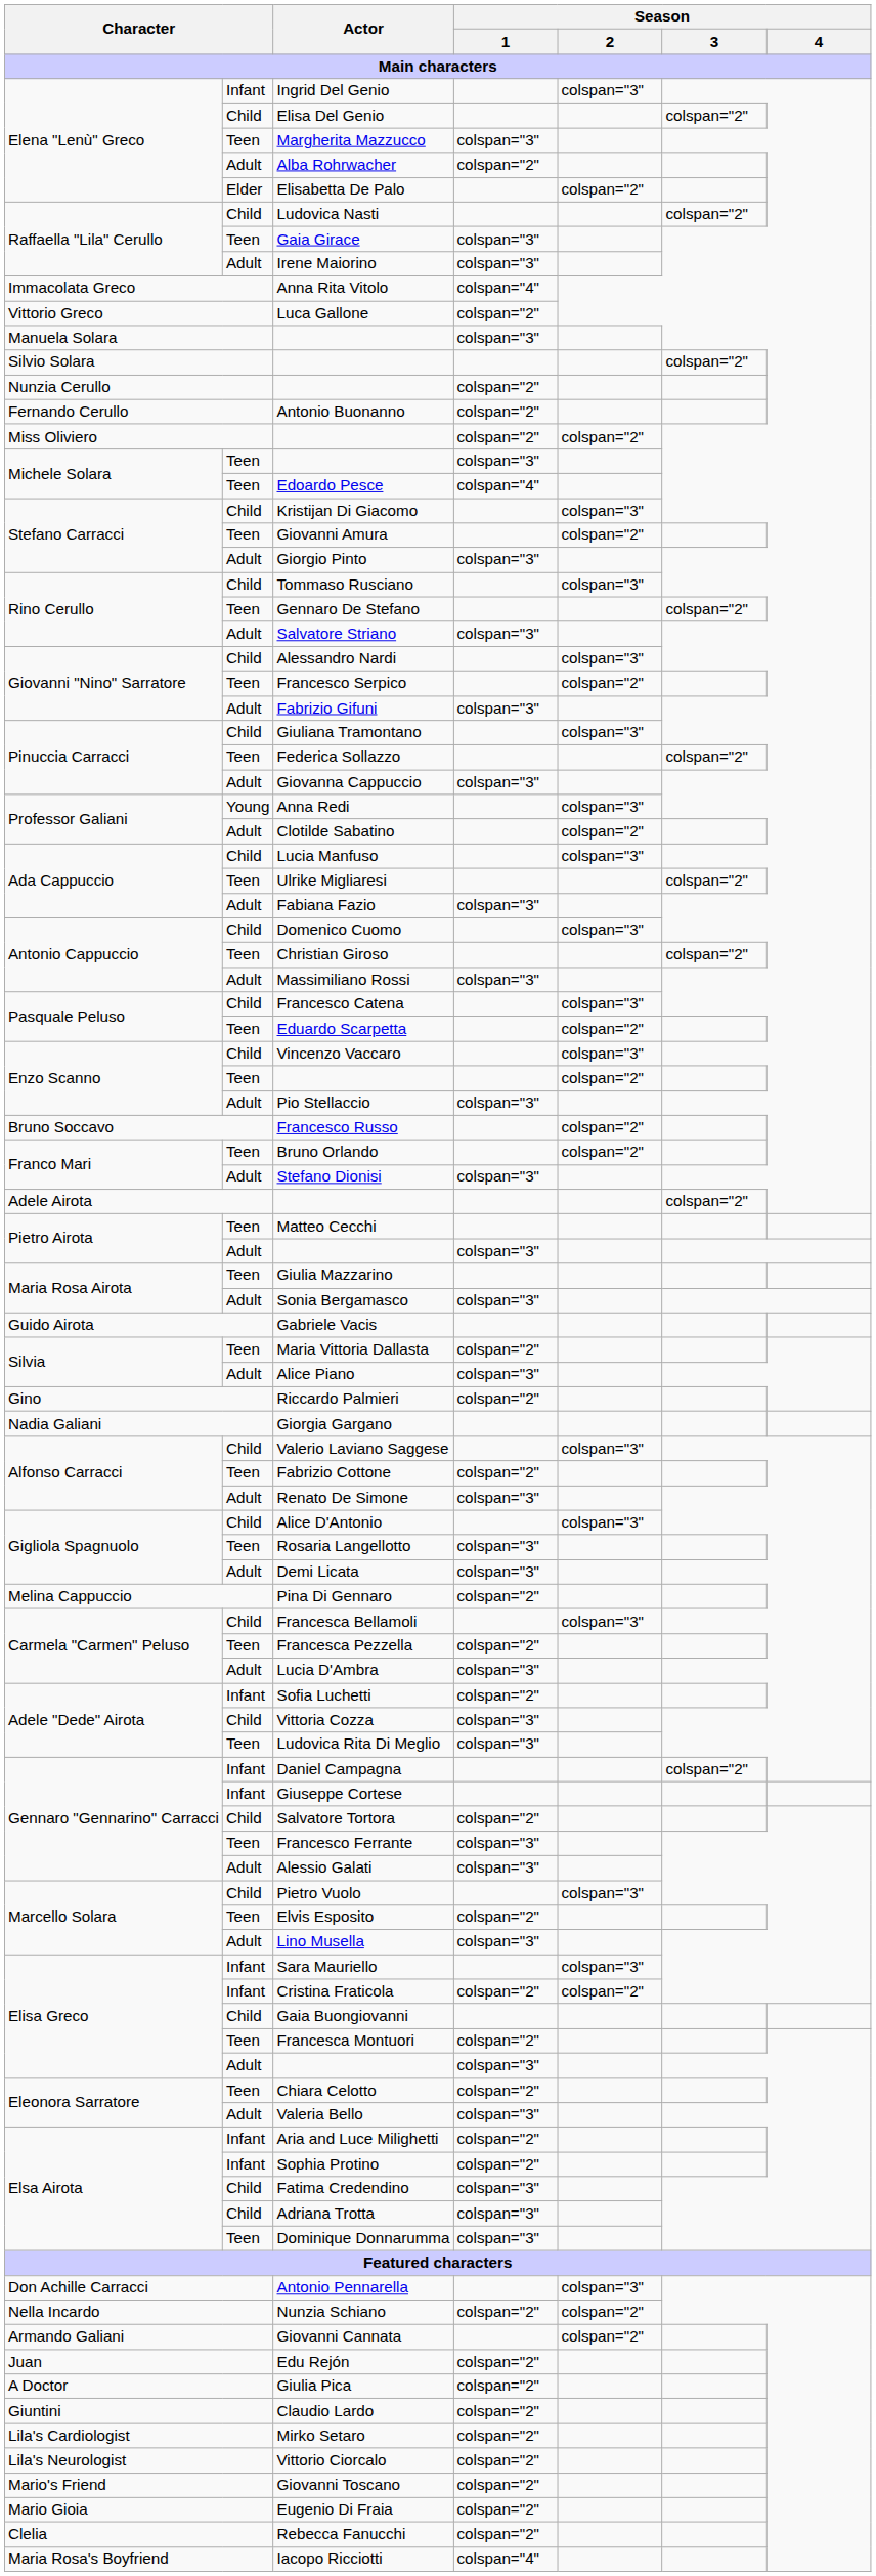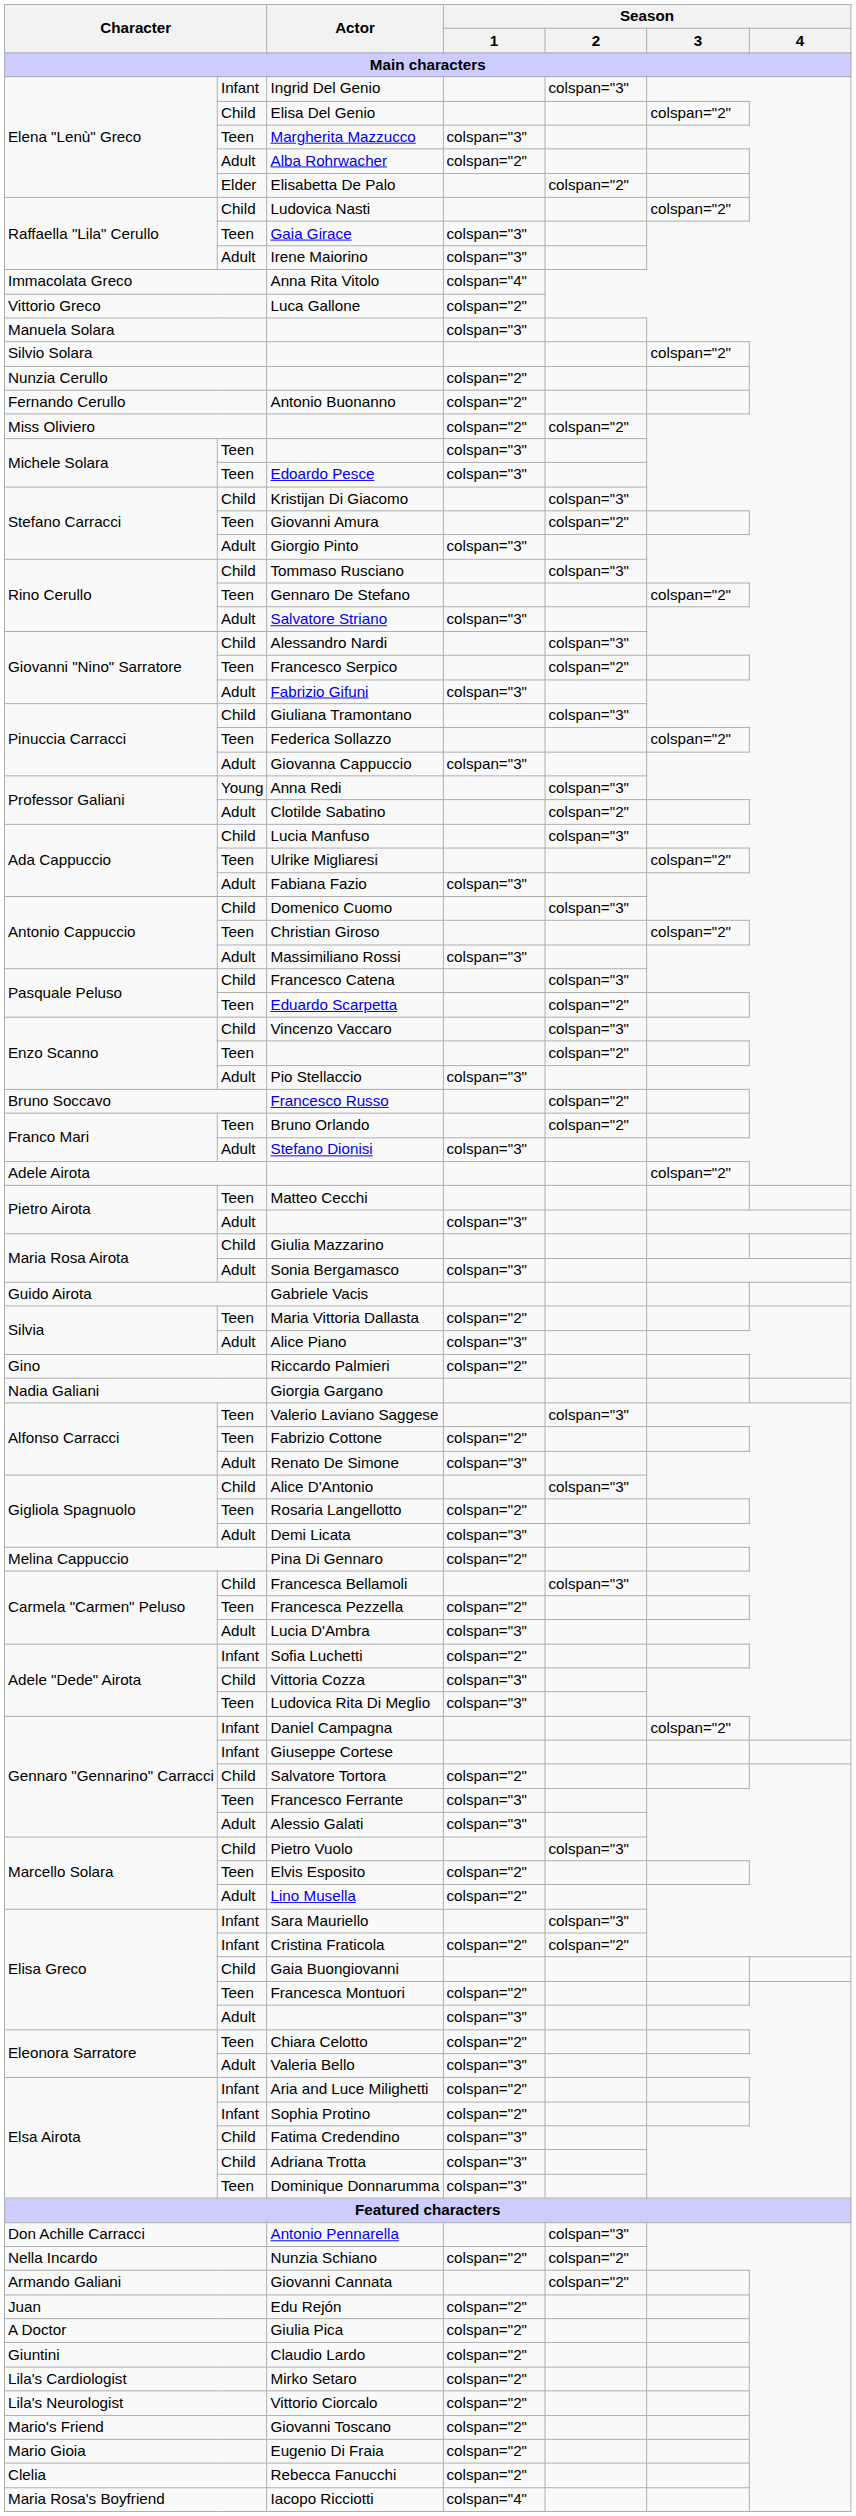 <table class="wikitable">
 <tr>
 <th rowspan="2" colspan="2" scope="col">Character</th>
 <th rowspan="2" scope="col">Actor</th>
 <th colspan="4" scope="col">Season</th>
 </tr>
 <tr>
 <th style="width:100px;">1</th>
 <th style="width:100px;">2</th>
 <th style="width:100px;">3</th>
 <th style="width:100px;">4</th>
 </tr>
 <tr>
 <th colspan="7" style="background-color:#ccccff;">Main characters</th>
 </tr>
 <tr>
 <td rowspan="5">Elena "Lenù" Greco</td>
 <td>Infant</td>
 <td>Ingrid Del Genio</td>
 <td></td>
 <td>colspan="3" </td>
 </tr>
 <tr>
 <td>Child</td>
 <td>Elisa Del Genio</td>
 <td></td>
 <td></td>
 <td>colspan="2" </td>
 </tr>
 <tr>
 <td>Teen</td>
 <td><a href='#'>Margherita Mazzucco</a></td>
 <td>colspan="3" </td>
 <td></td>
 </tr>
 <tr>
 <td>Adult</td>
 <td><a href='#'>Alba Rohrwacher</a></td>
 <td>colspan="2" </td>
 <td></td>
 <td></td>
 </tr>
 <tr>
 <td>Elder</td>
 <td>Elisabetta De Palo</td>
 <td></td>
 <td>colspan="2" </td>
 <td></td>
 </tr>
 <tr>
 <td rowspan="3">Raffaella "Lila" Cerullo</td>
 <td>Child</td>
 <td>Ludovica Nasti</td>
 <td></td>
 <td></td>
 <td>colspan="2" </td>
 </tr>
 <tr>
 <td>Teen</td>
 <td><a href='#'>Gaia Girace</a></td>
 <td>colspan="3" </td>
 <td></td>
 </tr>
 <tr>
 <td>Adult</td>
 <td>Irene Maiorino</td>
 <td>colspan="3" </td>
 <td></td>
 </tr>
 <tr>
 <td colspan="2">Immacolata Greco</td>
 <td>Anna Rita Vitolo</td>
 <td>colspan="4" </td>
 </tr>
 <tr>
 <td colspan="2">Vittorio Greco</td>
 <td>Luca Gallone</td>
 <td>colspan="2" </td>
 </tr>
 <tr>
 <td colspan="2">Manuela Solara</td>
 <td></td>
 <td>colspan="3" </td>
 <td></td>
 </tr>
 <tr>
 <td colspan="2">Silvio Solara</td>
 <td></td>
 <td></td>
 <td></td>
 <td>colspan="2" </td>
 </tr>
 <tr>
 <td colspan="2">Nunzia Cerullo</td>
 <td></td>
 <td>colspan="2" </td>
 <td></td>
 <td></td>
 </tr>
 <tr>
 <td colspan="2">Fernando Cerullo</td>
 <td>Antonio Buonanno</td>
 <td>colspan="2" </td>
 <td></td>
 <td></td>
 </tr>
 <tr>
 <td colspan="2">Miss Oliviero</td>
 <td></td>
 <td>colspan="2" </td>
 <td>colspan="2" </td>
 </tr>
 <tr>
 <td rowspan="2">Michele Solara</td>
 <td>Teen</td>
 <td></td>
 <td>colspan="3" </td>
 <td></td>
 </tr>
 <tr>
 <td>Teen</td>
 <td><a href='#'>Edoardo Pesce</a></td>
-<td>colspan="4" </td>
+<td>colspan="3" </td>
 <td></td>
 </tr>
 <tr>
 <td rowspan="3">Stefano Carracci</td>
 <td>Child</td>
 <td>Kristijan Di Giacomo</td>
 <td></td>
 <td>colspan="3" </td>
 </tr>
 <tr>
 <td>Teen</td>
 <td>Giovanni Amura</td>
 <td></td>
 <td>colspan="2" </td>
 <td></td>
 </tr>
 <tr>
 <td>Adult</td>
 <td>Giorgio Pinto</td>
 <td>colspan="3" </td>
 <td></td>
 </tr>
 <tr>
 <td rowspan="3">Rino Cerullo</td>
 <td>Child</td>
 <td>Tommaso Rusciano</td>
 <td></td>
 <td>colspan="3" </td>
 </tr>
 <tr>
 <td>Teen</td>
 <td>Gennaro De Stefano</td>
 <td></td>
 <td></td>
 <td>colspan="2" </td>
 </tr>
 <tr>
 <td>Adult</td>
 <td><a href='#'>Salvatore Striano</a></td>
 <td>colspan="3" </td>
 <td></td>
 </tr>
 <tr>
 <td rowspan="3">Giovanni "Nino" Sarratore</td>
 <td>Child</td>
 <td>Alessandro Nardi</td>
 <td></td>
 <td>colspan="3" </td>
 </tr>
 <tr>
 <td>Teen</td>
 <td>Francesco Serpico</td>
 <td></td>
 <td>colspan="2" </td>
 <td></td>
 </tr>
 <tr>
 <td>Adult</td>
 <td><a href='#'>Fabrizio Gifuni</a></td>
 <td>colspan="3" </td>
 <td></td>
 </tr>
 <tr>
 <td rowspan="3">Pinuccia Carracci</td>
 <td>Child</td>
 <td>Giuliana Tramontano</td>
 <td></td>
 <td>colspan="3" </td>
 </tr>
 <tr>
 <td>Teen</td>
 <td>Federica Sollazzo</td>
 <td></td>
 <td></td>
 <td>colspan="2" </td>
 </tr>
 <tr>
 <td>Adult</td>
 <td>Giovanna Cappuccio</td>
 <td>colspan="3" </td>
 <td></td>
 </tr>
 <tr>
 <td rowspan="2">Professor Galiani</td>
 <td>Young</td>
 <td>Anna Redi</td>
 <td></td>
 <td>colspan="3" </td>
 </tr>
 <tr>
 <td>Adult</td>
 <td>Clotilde Sabatino</td>
 <td></td>
 <td>colspan="2" </td>
 <td></td>
 </tr>
 <tr>
 <td rowspan="3">Ada Cappuccio</td>
 <td>Child</td>
 <td>Lucia Manfuso</td>
 <td></td>
 <td>colspan="3" </td>
 </tr>
 <tr>
 <td>Teen</td>
 <td>Ulrike Migliaresi</td>
 <td></td>
 <td></td>
 <td>colspan="2" </td>
 </tr>
 <tr>
 <td>Adult</td>
 <td>Fabiana Fazio</td>
 <td>colspan="3" </td>
 <td></td>
 </tr>
 <tr>
 <td rowspan="3">Antonio Cappuccio</td>
 <td>Child</td>
 <td>Domenico Cuomo</td>
 <td></td>
 <td>colspan="3" </td>
 </tr>
 <tr>
 <td>Teen</td>
 <td>Christian Giroso</td>
 <td></td>
 <td></td>
 <td>colspan="2" </td>
 </tr>
 <tr>
 <td>Adult</td>
 <td>Massimiliano Rossi</td>
 <td>colspan="3" </td>
 <td></td>
 </tr>
 <tr>
 <td rowspan="2">Pasquale Peluso</td>
 <td>Child</td>
 <td>Francesco Catena</td>
 <td></td>
 <td>colspan="3" </td>
 </tr>
 <tr>
 <td>Teen</td>
 <td><a href='#'>Eduardo Scarpetta</a></td>
 <td></td>
 <td>colspan="2" </td>
 <td></td>
 </tr>
 <tr>
 <td rowspan="3">Enzo Scanno</td>
 <td>Child</td>
 <td>Vincenzo Vaccaro</td>
 <td></td>
 <td>colspan="3" </td>
 </tr>
 <tr>
 <td>Teen</td>
 <td></td>
 <td></td>
 <td>colspan="2" </td>
 <td></td>
 </tr>
 <tr>
 <td>Adult</td>
 <td>Pio Stellaccio</td>
 <td>colspan="3" </td>
 <td></td>
 </tr>
 <tr>
 <td colspan="2">Bruno Soccavo</td>
 <td><a href='#'>Francesco Russo</a></td>
 <td></td>
 <td>colspan="2" </td>
 <td></td>
 </tr>
 <tr>
 <td rowspan="2">Franco Mari</td>
 <td>Teen</td>
 <td>Bruno Orlando</td>
 <td></td>
 <td>colspan="2" </td>
 <td></td>
 </tr>
 <tr>
 <td>Adult</td>
 <td><a href='#'>Stefano Dionisi</a></td>
 <td>colspan="3" </td>
 <td></td>
 </tr>
 <tr>
 <td colspan="2">Adele Airota</td>
 <td></td>
 <td></td>
 <td></td>
 <td>colspan="2" </td>
 </tr>
 <tr>
 <td rowspan="2">Pietro Airota</td>
 <td>Teen</td>
 <td>Matteo Cecchi</td>
 <td></td>
 <td></td>
 <td></td>
 <td></td>
 </tr>
 <tr>
 <td>Adult</td>
 <td></td>
 <td>colspan="3" </td>
 <td></td>
 </tr>
 <tr>
 <td rowspan="2">Maria Rosa Airota</td>
-<td>Teen</td>
+<td>Child</td>
 <td>Giulia Mazzarino</td>
 <td></td>
 <td></td>
 <td></td>
 <td></td>
 </tr>
 <tr>
 <td>Adult</td>
 <td>Sonia Bergamasco</td>
 <td>colspan="3" </td>
 <td></td>
 </tr>
 <tr>
 <td colspan="2">Guido Airota</td>
 <td>Gabriele Vacis</td>
 <td></td>
 <td></td>
 <td></td>
 <td></td>
 </tr>
 <tr>
 <td rowspan="2">Silvia</td>
 <td>Teen</td>
 <td>Maria Vittoria Dallasta</td>
 <td>colspan="2" </td>
 <td></td>
 <td></td>
 </tr>
 <tr>
 <td>Adult</td>
 <td>Alice Piano</td>
 <td>colspan="3" </td>
 <td></td>
 </tr>
 <tr>
 <td colspan="2">Gino</td>
 <td>Riccardo Palmieri</td>
 <td>colspan="2" </td>
 <td></td>
 <td></td>
 </tr>
 <tr>
 <td colspan="2">Nadia Galiani</td>
 <td>Giorgia Gargano</td>
 <td></td>
 <td></td>
 <td></td>
 <td></td>
 </tr>
 <tr>
 <td rowspan="3">Alfonso Carracci</td>
-<td>Child</td>
+<td>Teen</td>
 <td>Valerio Laviano Saggese</td>
 <td></td>
 <td>colspan="3" </td>
 </tr>
 <tr>
 <td>Teen</td>
 <td>Fabrizio Cottone</td>
 <td>colspan="2" </td>
 <td></td>
 <td></td>
 </tr>
 <tr>
 <td>Adult</td>
 <td>Renato De Simone</td>
 <td>colspan="3" </td>
 <td></td>
 </tr>
 <tr>
 <td rowspan="3">Gigliola Spagnuolo</td>
 <td>Child</td>
 <td>Alice D'Antonio</td>
 <td></td>
 <td>colspan="3" </td>
 </tr>
 <tr>
 <td>Teen</td>
 <td>Rosaria Langellotto</td>
-<td>colspan="3" </td>
+<td>colspan="2" </td>
 <td></td>
 <td></td>
 </tr>
 <tr>
 <td>Adult</td>
 <td>Demi Licata</td>
 <td>colspan="3" </td>
 <td></td>
 </tr>
 <tr>
 <td colspan="2">Melina Cappuccio</td>
 <td>Pina Di Gennaro</td>
 <td>colspan="2" </td>
 <td></td>
 <td></td>
 </tr>
 <tr>
 <td rowspan="3">Carmela "Carmen" Peluso</td>
 <td>Child</td>
 <td>Francesca Bellamoli</td>
 <td></td>
 <td>colspan="3" </td>
 </tr>
 <tr>
 <td>Teen</td>
 <td>Francesca Pezzella</td>
 <td>colspan="2" </td>
 <td></td>
 <td></td>
 </tr>
 <tr>
 <td>Adult</td>
 <td>Lucia D'Ambra</td>
 <td>colspan="3" </td>
 <td></td>
 </tr>
 <tr>
 <td rowspan="3">Adele "Dede" Airota</td>
 <td>Infant</td>
 <td>Sofia Luchetti</td>
 <td>colspan="2" </td>
 <td></td>
 <td></td>
 </tr>
 <tr>
 <td>Child</td>
 <td>Vittoria Cozza</td>
 <td>colspan="3" </td>
 <td></td>
 </tr>
 <tr>
 <td>Teen</td>
 <td>Ludovica Rita Di Meglio</td>
 <td>colspan="3" </td>
 <td></td>
 </tr>
 <tr>
 <td rowspan="5">Gennaro "Gennarino" Carracci</td>
 <td>Infant</td>
 <td>Daniel Campagna</td>
 <td></td>
 <td></td>
 <td>colspan="2" </td>
 </tr>
 <tr>
 <td>Infant</td>
 <td>Giuseppe Cortese</td>
 <td></td>
 <td></td>
 <td></td>
 <td></td>
 </tr>
 <tr>
 <td>Child</td>
 <td>Salvatore Tortora</td>
 <td>colspan="2" </td>
 <td></td>
 <td></td>
 </tr>
 <tr>
 <td>Teen</td>
 <td>Francesco Ferrante</td>
 <td>colspan="3" </td>
 <td></td>
 </tr>
 <tr>
 <td>Adult</td>
 <td>Alessio Galati</td>
 <td>colspan="3" </td>
 <td></td>
 </tr>
 <tr>
 <td rowspan="3">Marcello Solara</td>
 <td>Child</td>
 <td>Pietro Vuolo</td>
 <td></td>
 <td>colspan="3" </td>
 </tr>
 <tr>
 <td>Teen</td>
 <td>Elvis Esposito</td>
 <td>colspan="2" </td>
 <td></td>
 <td></td>
 </tr>
 <tr>
 <td>Adult</td>
 <td><a href='#'>Lino Musella</a></td>
-<td>colspan="3" </td>
+<td>colspan="2" </td>
 <td></td>
 </tr>
 <tr>
 <td rowspan="5">Elisa Greco</td>
 <td>Infant</td>
 <td>Sara Mauriello</td>
 <td></td>
 <td>colspan="3" </td>
 </tr>
 <tr>
 <td>Infant</td>
 <td>Cristina Fraticola</td>
 <td>colspan="2" </td>
 <td>colspan="2" </td>
 </tr>
 <tr>
 <td>Child</td>
 <td>Gaia Buongiovanni</td>
 <td></td>
 <td></td>
 <td></td>
 <td></td>
 </tr>
 <tr>
 <td>Teen</td>
 <td>Francesca Montuori</td>
 <td>colspan="2" </td>
 <td></td>
 <td></td>
 </tr>
 <tr>
 <td>Adult</td>
 <td></td>
 <td>colspan="3" </td>
 <td></td>
 </tr>
 <tr>
 <td rowspan="2">Eleonora Sarratore</td>
 <td>Teen</td>
 <td>Chiara Celotto</td>
 <td>colspan="2" </td>
 <td></td>
 <td></td>
 </tr>
 <tr>
 <td>Adult</td>
 <td>Valeria Bello</td>
 <td>colspan="3" </td>
 <td></td>
 </tr>
 <tr>
 <td rowspan="5">Elsa Airota</td>
 <td>Infant</td>
 <td>Aria and Luce Milighetti</td>
 <td>colspan="2" </td>
 <td></td>
 <td></td>
 </tr>
 <tr>
 <td>Infant</td>
 <td>Sophia Protino</td>
 <td>colspan="2" </td>
 <td></td>
 <td></td>
 </tr>
 <tr>
 <td>Child</td>
 <td>Fatima Credendino</td>
 <td>colspan="3" </td>
 <td></td>
 </tr>
 <tr>
 <td>Child</td>
 <td>Adriana Trotta</td>
 <td>colspan="3" </td>
 <td></td>
 </tr>
 <tr>
 <td>Teen</td>
 <td>Dominique Donnarumma</td>
 <td>colspan="3" </td>
 <td></td>
 </tr>
 <tr>
 <th colspan="7" style="background-color:#ccccff;">Featured characters</th>
 </tr>
 <tr>
 <td colspan="2">Don Achille Carracci</td>
 <td><a href='#'>Antonio Pennarella</a></td>
 <td></td>
 <td>colspan="3" </td>
 </tr>
 <tr>
 <td colspan="2">Nella Incardo</td>
 <td>Nunzia Schiano</td>
 <td>colspan="2" </td>
 <td>colspan="2" </td>
 </tr>
 <tr>
 <td colspan="2">Armando Galiani</td>
 <td>Giovanni Cannata</td>
 <td></td>
 <td>colspan="2" </td>
 <td></td>
 </tr>
 <tr>
 <td colspan="2">Juan</td>
 <td>Edu Rejón</td>
 <td>colspan="2" </td>
 <td></td>
 <td></td>
 </tr>
 <tr>
 <td colspan="2">A Doctor</td>
 <td>Giulia Pica</td>
 <td>colspan="2" </td>
 <td></td>
 <td></td>
 </tr>
 <tr>
 <td colspan="2">Giuntini</td>
 <td>Claudio Lardo</td>
 <td>colspan="2" </td>
 <td></td>
 <td></td>
 </tr>
 <tr>
 <td colspan="2">Lila's Cardiologist</td>
 <td>Mirko Setaro</td>
 <td>colspan="2" </td>
 <td></td>
 <td></td>
 </tr>
 <tr>
 <td colspan="2">Lila's Neurologist</td>
 <td>Vittorio Ciorcalo</td>
 <td>colspan="2" </td>
 <td></td>
 <td></td>
 </tr>
 <tr>
 <td colspan="2">Mario's Friend</td>
 <td>Giovanni Toscano</td>
 <td>colspan="2" </td>
 <td></td>
 <td></td>
 </tr>
 <tr>
 <td colspan="2">Mario Gioia</td>
 <td>Eugenio Di Fraia</td>
 <td>colspan="2" </td>
 <td></td>
 <td></td>
 </tr>
 <tr>
 <td colspan="2">Clelia</td>
 <td>Rebecca Fanucchi</td>
 <td>colspan="2" </td>
 <td></td>
 <td></td>
 </tr>
 <tr>
 <td colspan="2">Maria Rosa's Boyfriend</td>
 <td>Iacopo Ricciotti</td>
 <td>colspan="4" </td>
 <td></td>
 <td></td>
 </tr>
 </table>
